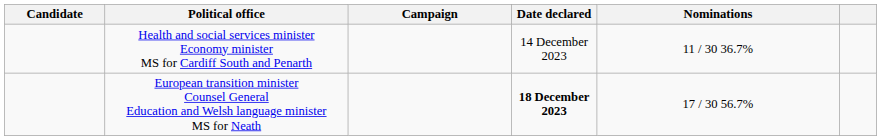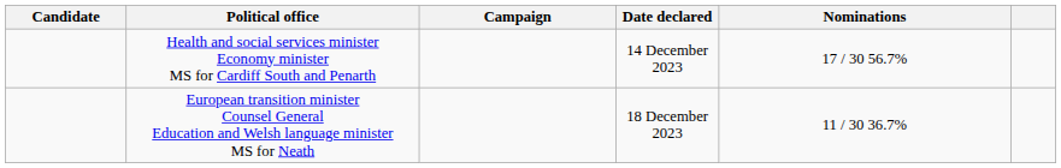 <table class="wikitable sortable wiki table" style="text-align:center">
 <tr>
 <th scope="col" style="width: 120px;">Candidate</th>
 <th scope="col" style="width: 300px;">Political office</th>
 <th scope="col" style="width: 200px;">Campaign</th>
 <th scope="col" style="width: 100px;">Date declared</th>
 <th scope="col" style="width: 300px;">Nominations</th>
 <th colspan="2" scope="col" style="width: 40px;" class="unsortable" !></th>
 </tr>
 <tr>
 <td><br></td>
 <td><a href='#'>Health and social services minister</a> <br><a href='#'>Economy minister</a> <br>MS for <a href='#'>Cardiff South and Penarth</a> </td>
 <td><br></td>
 <td>14 December 2023</td>
-<td align=center>11 / 30    36.7%<br>  </td>
+<td align=center>17 / 30    56.7%<br> </td>
 <td></td>
 </tr>
 <tr>
 <td><br></td>
 <td><a href='#'>European transition minister</a> <br><a href='#'>Counsel General</a> <br><a href='#'>Education and Welsh language minister</a> <br>MS for <a href='#'>Neath</a> </td>
 <td><br></td>
-<td><strong>18 December 2023</strong></td>
-<td align=center>17 / 30    56.7%<br> </td>
+<td>18 December 2023</td>
+<td align=center>11 / 30    36.7%<br>  </td>
 <td></td>
 </tr>
 </table>
